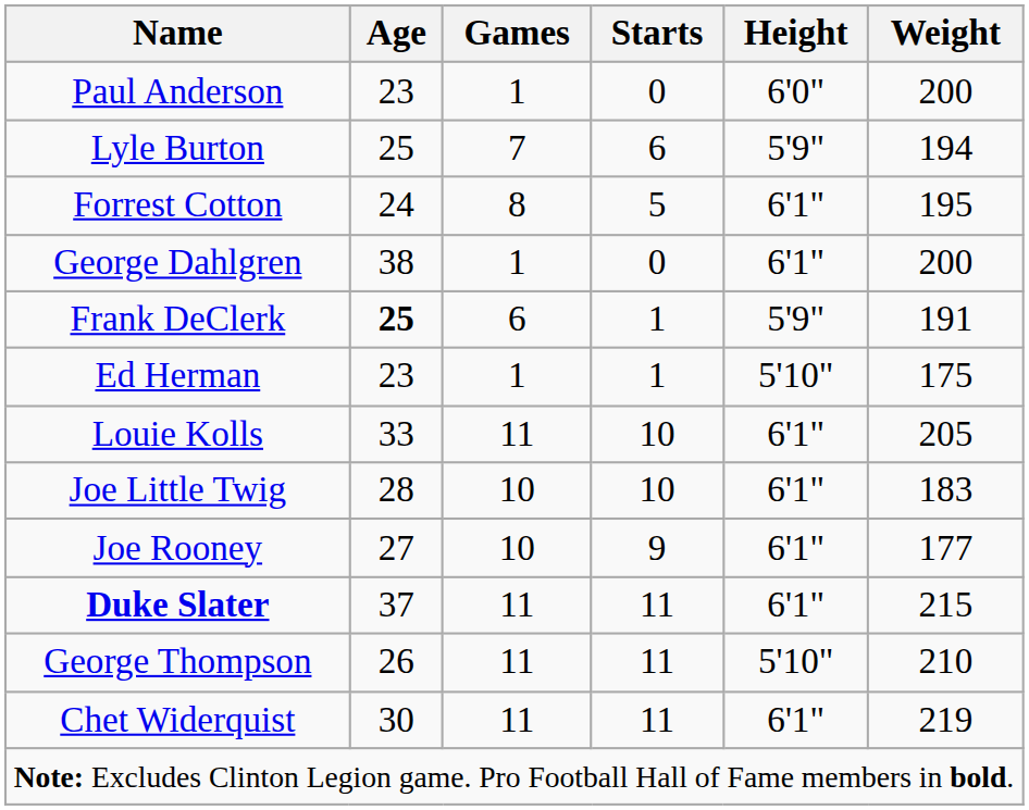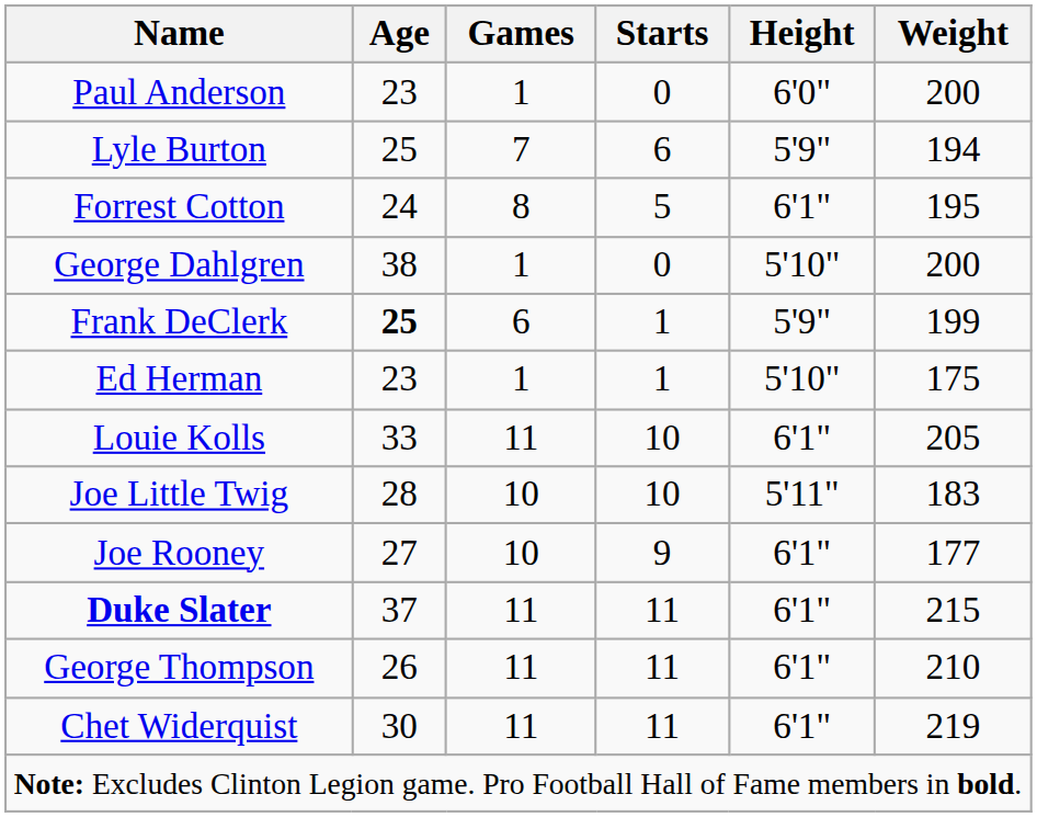 <table class="wikitable" style="text-align:center">
 <tr>
 <th>Name</th>
 <th>Age</th>
 <th>Games</th>
 <th>Starts</th>
 <th>Height</th>
 <th>Weight</th>
 </tr>
 <tr>
 <td><a href='#'>Paul Anderson</a></td>
 <td>23</td>
 <td>1</td>
 <td>0</td>
 <td>6'0"</td>
 <td>200</td>
 </tr>
 <tr>
 <td><a href='#'>Lyle Burton</a></td>
 <td>25</td>
 <td>7</td>
 <td>6</td>
 <td>5'9"</td>
 <td>194</td>
 </tr>
 <tr>
 <td><a href='#'>Forrest Cotton</a></td>
 <td>24</td>
 <td>8</td>
 <td>5</td>
 <td>6'1"</td>
 <td>195</td>
 </tr>
 <tr>
 <td><a href='#'>George Dahlgren</a></td>
 <td>38</td>
 <td>1</td>
 <td>0</td>
-<td>6'1"</td>
+<td>5'10"</td>
 <td>200</td>
 </tr>
 <tr>
 <td><a href='#'>Frank DeClerk</a></td>
 <td><strong>25</strong></td>
 <td>6</td>
 <td>1</td>
 <td>5'9"</td>
-<td>191</td>
+<td>199</td>
 </tr>
 <tr>
 <td><a href='#'>Ed Herman</a></td>
 <td>23</td>
 <td>1</td>
 <td>1</td>
 <td>5'10"</td>
 <td>175</td>
 </tr>
 <tr>
 <td><a href='#'>Louie Kolls</a></td>
 <td>33</td>
 <td>11</td>
 <td>10</td>
 <td>6'1"</td>
 <td>205</td>
 </tr>
 <tr>
 <td><a href='#'>Joe Little Twig</a></td>
 <td>28</td>
 <td>10</td>
 <td>10</td>
-<td>6'1"</td>
+<td>5'11"</td>
 <td>183</td>
 </tr>
 <tr>
 <td><a href='#'>Joe Rooney</a></td>
 <td>27</td>
 <td>10</td>
 <td>9</td>
 <td>6'1"</td>
 <td>177</td>
 </tr>
 <tr>
 <td><strong><a href='#'>Duke Slater</a></strong></td>
 <td>37</td>
 <td>11</td>
 <td>11</td>
 <td>6'1"</td>
 <td>215</td>
 </tr>
 <tr>
 <td><a href='#'>George Thompson</a></td>
 <td>26</td>
 <td>11</td>
 <td>11</td>
-<td>5'10"</td>
+<td>6'1"</td>
 <td>210</td>
 </tr>
 <tr>
 <td><a href='#'>Chet Widerquist</a></td>
 <td>30</td>
 <td>11</td>
 <td>11</td>
 <td>6'1"</td>
 <td>219</td>
 </tr>
 <tr>
 <td colspan="10"><small><strong>Note:</strong> Excludes Clinton Legion game. Pro Football Hall of Fame members in <strong>bold</strong>.</small></td>
 </tr>
 </table>
